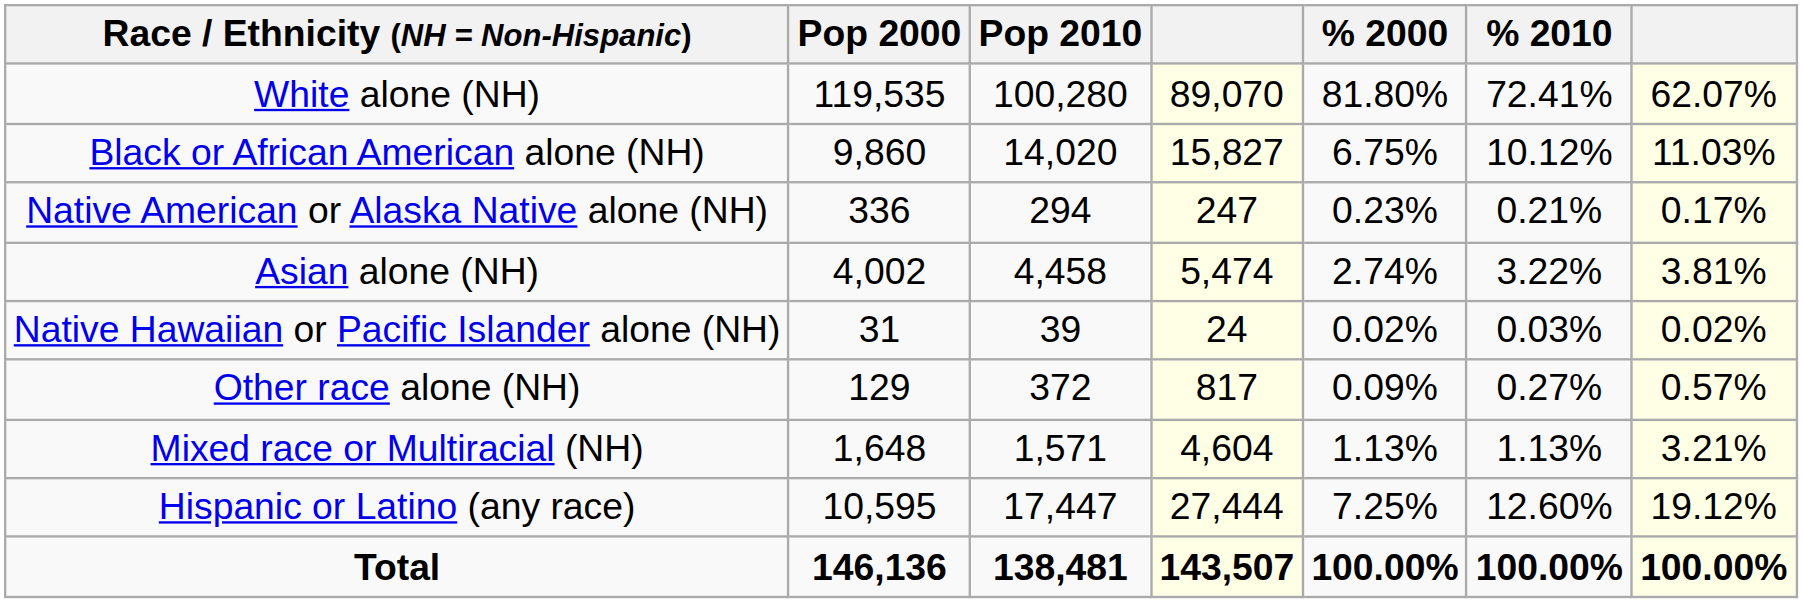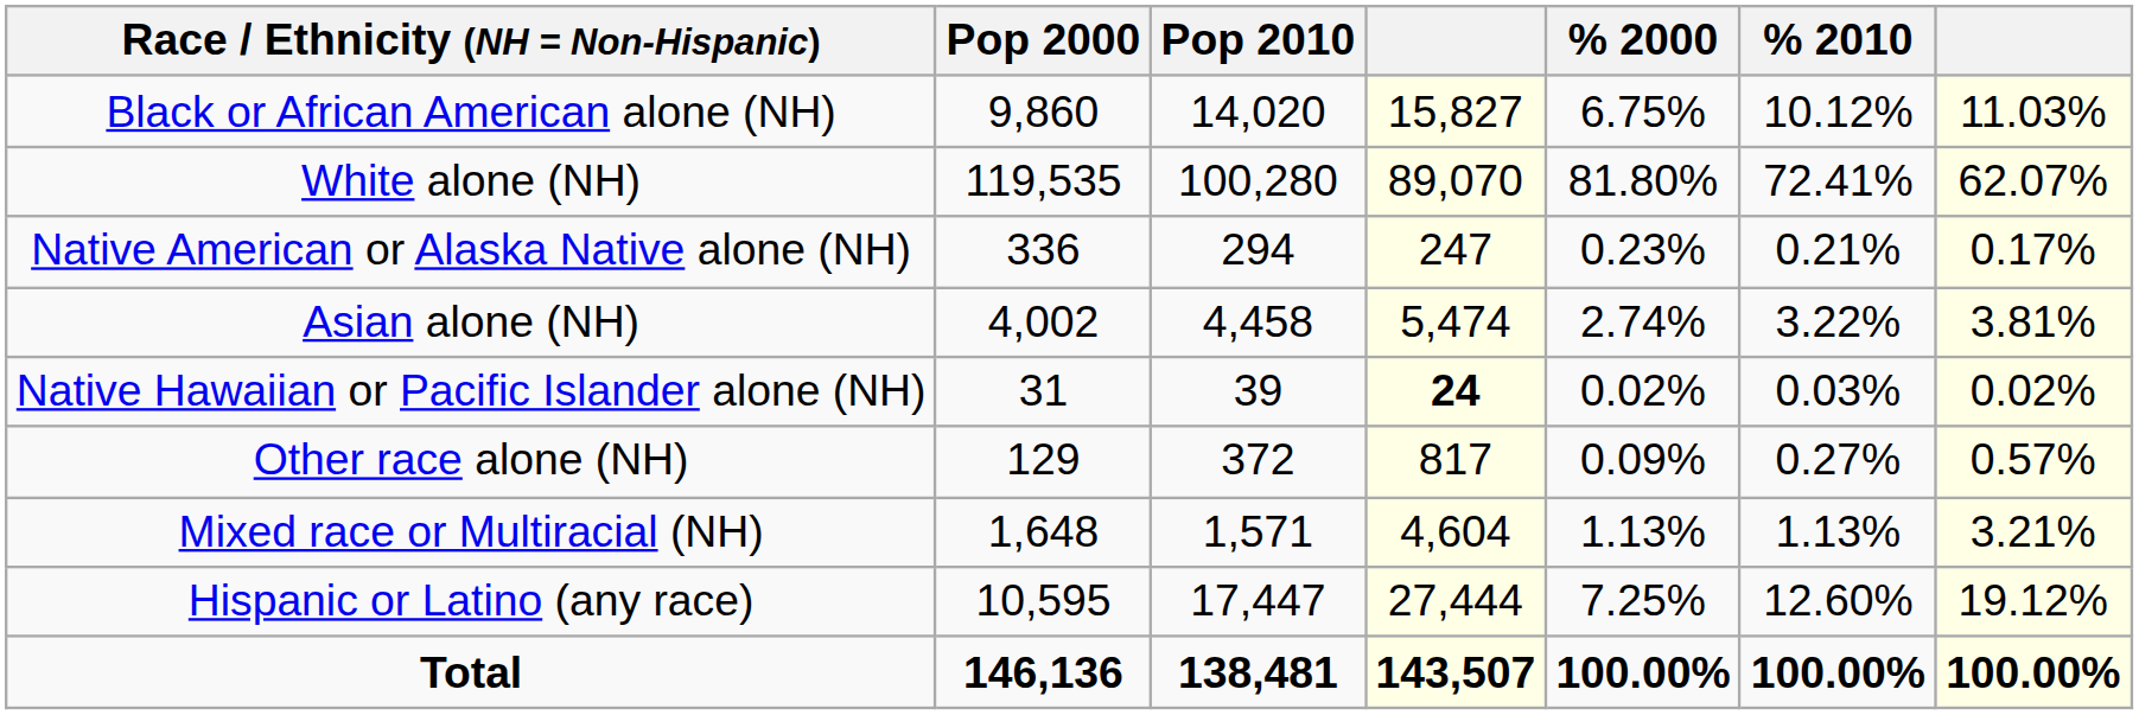 <table class="wikitable" style="text-align:center;">
 <tr>
 <th>Race / Ethnicity <small>(<em>NH = Non-Hispanic</em>)</small></th>
 <th>Pop 2000</th>
 <th>Pop 2010</th>
 <th></th>
 <th>% 2000</th>
 <th>% 2010</th>
 <th></th>
 </tr>
 <tr>
+<td><a href='#'>Black or African American</a> alone (NH)</td>
+<td>9,860</td>
+<td>14,020</td>
+<td style='background: #ffffe6;'>15,827</td>
+<td>6.75%</td>
+<td>10.12%</td>
+<td style='background: #ffffe6;'>11.03%</td>
+</tr>
+<tr>
 <td><a href='#'>White</a> alone (NH)</td>
 <td>119,535</td>
 <td>100,280</td>
 <td style='background: #ffffe6;'>89,070</td>
 <td>81.80%</td>
 <td>72.41%</td>
 <td style='background: #ffffe6;'>62.07%</td>
-</tr>
-<tr>
-<td><a href='#'>Black or African American</a> alone (NH)</td>
-<td>9,860</td>
-<td>14,020</td>
-<td style='background: #ffffe6;'>15,827</td>
-<td>6.75%</td>
-<td>10.12%</td>
-<td style='background: #ffffe6;'>11.03%</td>
 </tr>
 <tr>
 <td><a href='#'>Native American</a> or <a href='#'>Alaska Native</a> alone (NH)</td>
 <td>336</td>
 <td>294</td>
 <td style='background: #ffffe6;'>247</td>
 <td>0.23%</td>
 <td>0.21%</td>
 <td style='background: #ffffe6;'>0.17%</td>
 </tr>
 <tr>
 <td><a href='#'>Asian</a> alone (NH)</td>
 <td>4,002</td>
 <td>4,458</td>
 <td style='background: #ffffe6;'>5,474</td>
 <td>2.74%</td>
 <td>3.22%</td>
 <td style='background: #ffffe6;'>3.81%</td>
 </tr>
 <tr>
 <td><a href='#'>Native Hawaiian</a> or <a href='#'>Pacific Islander</a> alone (NH)</td>
 <td>31</td>
 <td>39</td>
-<td style='background: #ffffe6;'>24</td>
+<td style='background: #ffffe6;'><strong>24</strong></td>
 <td>0.02%</td>
 <td>0.03%</td>
 <td style='background: #ffffe6;'>0.02%</td>
 </tr>
 <tr>
 <td><a href='#'>Other race</a> alone (NH)</td>
 <td>129</td>
 <td>372</td>
 <td style='background: #ffffe6;'>817</td>
 <td>0.09%</td>
 <td>0.27%</td>
 <td style='background: #ffffe6;'>0.57%</td>
 </tr>
 <tr>
 <td><a href='#'>Mixed race or Multiracial</a> (NH)</td>
 <td>1,648</td>
 <td>1,571</td>
 <td style='background: #ffffe6;'>4,604</td>
 <td>1.13%</td>
 <td>1.13%</td>
 <td style='background: #ffffe6;'>3.21%</td>
 </tr>
 <tr>
 <td><a href='#'>Hispanic or Latino</a> (any race)</td>
 <td>10,595</td>
 <td>17,447</td>
 <td style='background: #ffffe6;'>27,444</td>
 <td>7.25%</td>
 <td>12.60%</td>
 <td style='background: #ffffe6;'>19.12%</td>
 </tr>
 <tr>
 <td><strong>Total</strong></td>
 <td><strong>146,136</strong></td>
 <td><strong>138,481</strong></td>
 <td style='background: #ffffe6;'><strong>143,507</strong></td>
 <td><strong>100.00%</strong></td>
 <td><strong>100.00%</strong></td>
 <td style='background: #ffffe6;'><strong>100.00%</strong></td>
 </tr>
 </table>
